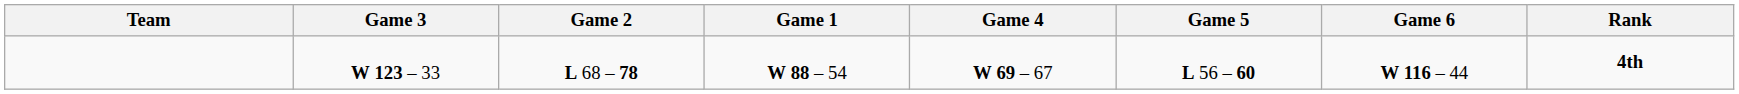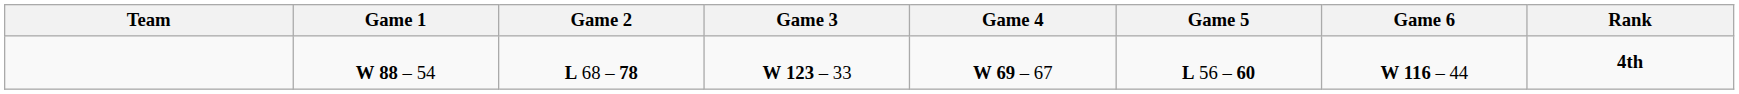 <table class="wikitable" width="84%" style="text-align:left; font-size:90%">
 <tr>
 <th width="14%">Team</th>
+<th width="10%">Game 1</th>
+<th width="10%">Game 2</th>
 <th width="10%">Game 3</th>
-<th width="10%">Game 2</th>
-<th width="10%">Game 1</th>
 <th width="10%">Game 4</th>
 <th width="10%">Game 5</th>
 <th width="10%">Game 6</th>
 <th width="10%">Rank</th>
 </tr>
 <tr>
 <td align=center></td>
+<td style="text-align:center;"><br> <strong>W</strong> <strong>88</strong> – 54</td>
+<td style="text-align:center;"><br> <strong>L</strong> 68 – <strong>78</strong></td>
 <td style="text-align:center;"><br> <strong>W</strong> <strong>123</strong> – 33</td>
-<td style="text-align:center;"><br> <strong>L</strong> 68 – <strong>78</strong></td>
-<td style="text-align:center;"><br> <strong>W</strong> <strong>88</strong> – 54</td>
 <td style="text-align:center;"><br> <strong>W</strong> <strong>69</strong> – 67</td>
 <td style="text-align:center;"><br> <strong>L</strong> 56 – <strong>60</strong></td>
 <td style="text-align:center;"><br> <strong>W</strong> <strong>116</strong> – 44</td>
 <td align=center><strong>4th</strong></td>
 </tr>
 </table>
